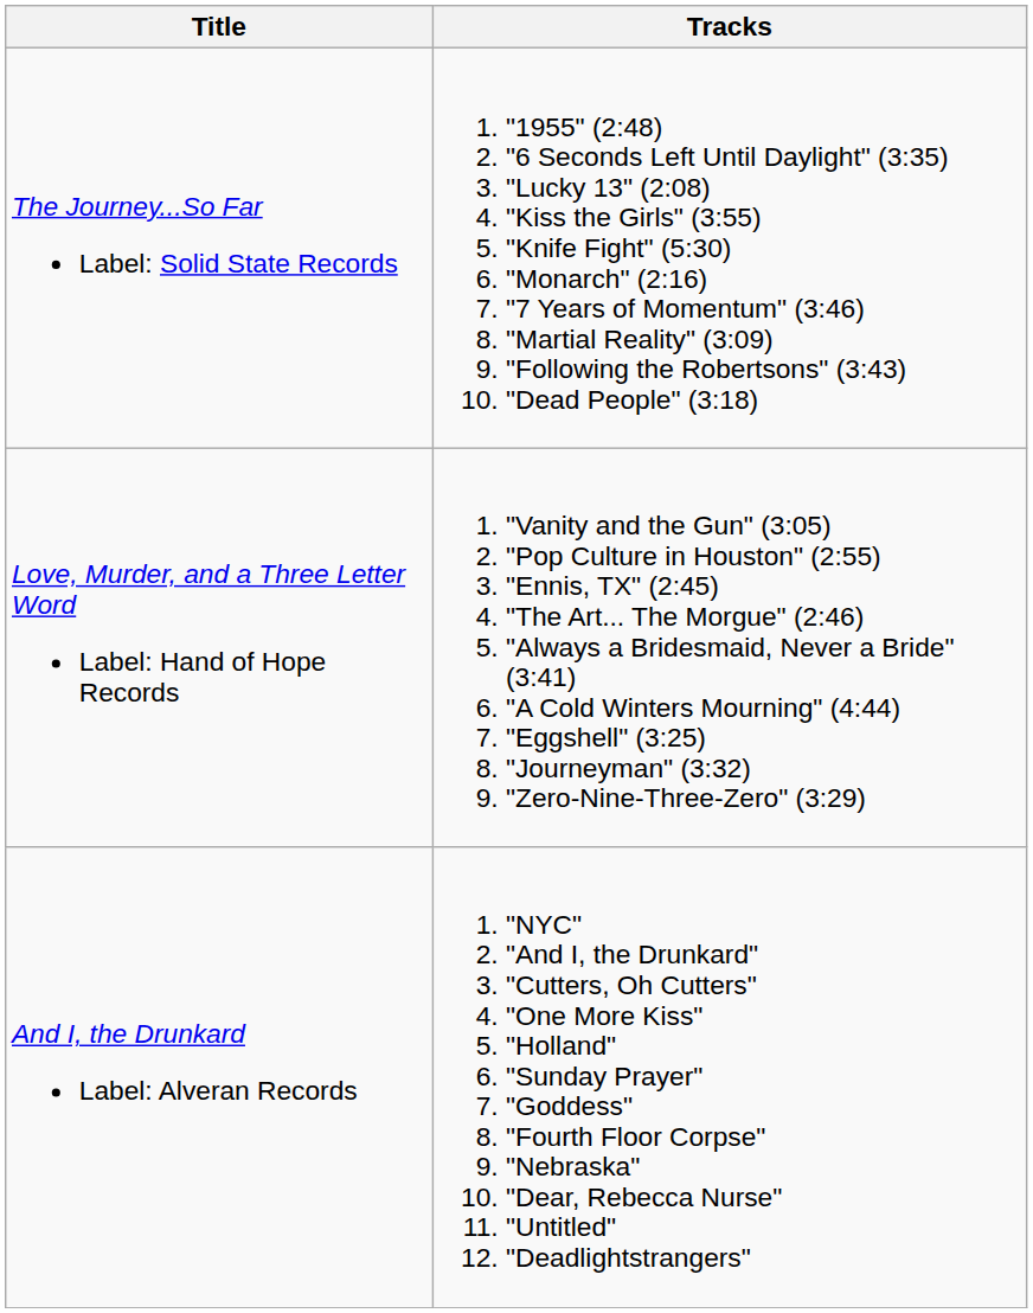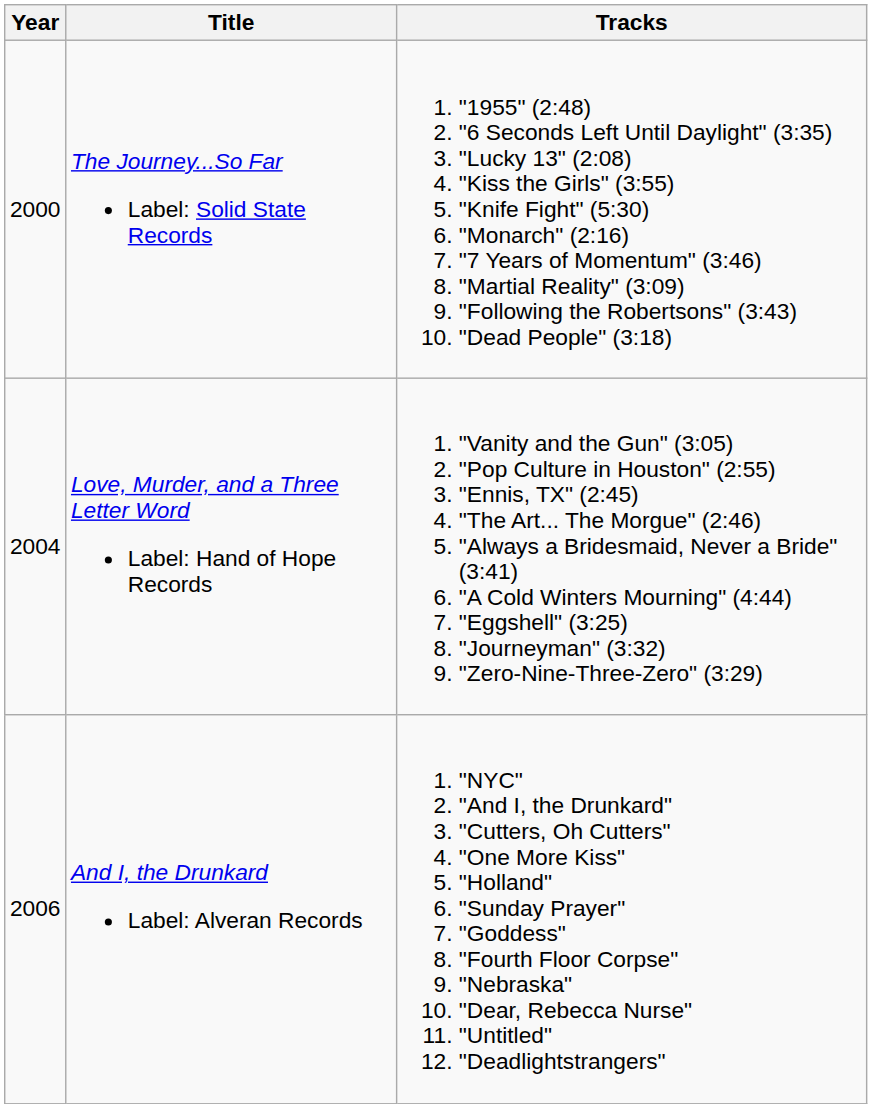 <table class="wikitable">
 <tr>
+<th>Year</th>
 <th width="250">Title</th>
 <th width="350">Tracks</th>
 </tr>
 <tr>
+<td>2000</td>
 <td><em><a href='#'>The Journey...So Far</a></em><br><ul><li>Label: <a href='#'>Solid State Records</a></li></ul></td>
 <td><br><ol><li>"1955" (2:48)</li><li>"6 Seconds Left Until Daylight" (3:35)</li><li>"Lucky 13" (2:08)</li><li>"Kiss the Girls" (3:55)</li><li>"Knife Fight" (5:30)</li><li>"Monarch" (2:16)</li><li>"7 Years of Momentum" (3:46)</li><li>"Martial Reality" (3:09)</li><li>"Following the Robertsons" (3:43)</li><li>"Dead People" (3:18)</li></ol></td>
 </tr>
 <tr>
+<td>2004</td>
 <td><em><a href='#'>Love, Murder, and a Three Letter Word</a></em><br><ul><li>Label: Hand of Hope Records</li></ul></td>
 <td><br><ol><li>"Vanity and the Gun" (3:05)</li><li>"Pop Culture in Houston" (2:55)</li><li>"Ennis, TX" (2:45)</li><li>"The Art... The Morgue" (2:46)</li><li>"Always a Bridesmaid, Never a Bride" (3:41)</li><li>"A Cold Winters Mourning" (4:44)</li><li>"Eggshell" (3:25)</li><li>"Journeyman" (3:32)</li><li>"Zero-Nine-Three-Zero" (3:29)</li></ol></td>
 </tr>
 <tr>
+<td>2006</td>
 <td><em><a href='#'>And I, the Drunkard</a></em><br><ul><li>Label: Alveran Records</li></ul></td>
 <td><br><ol><li>"NYC"</li><li>"And I, the Drunkard"</li><li>"Cutters, Oh Cutters"</li><li>"One More Kiss"</li><li>"Holland"</li><li>"Sunday Prayer"</li><li>"Goddess"</li><li>"Fourth Floor Corpse"</li><li>"Nebraska"</li><li>"Dear, Rebecca Nurse"</li><li>"Untitled"</li><li>"Deadlightstrangers"</li></ol></td>
 </tr>
 </table>
